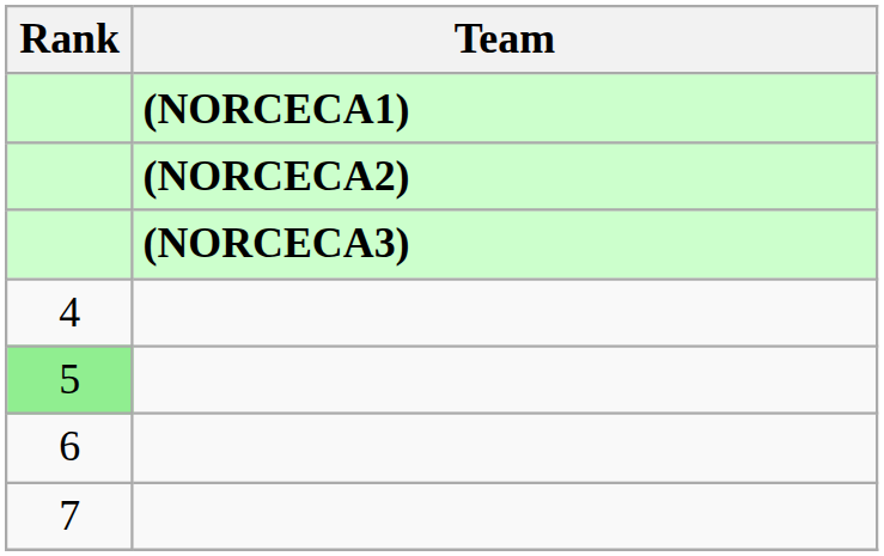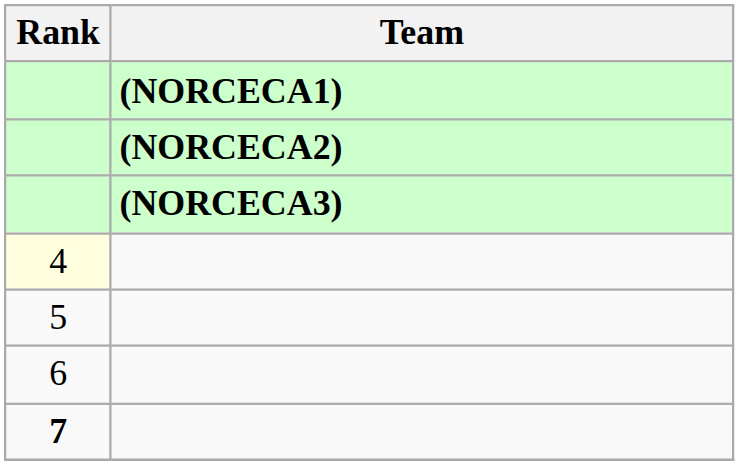 <table class="wikitable" style="text-align:center">
 <tr>
 <th width=40>Rank</th>
 <th width=270>Team</th>
 </tr>
 <tr bgcolor=#ccffcc>
 <td></td>
 <td style="text-align:left"><strong> (NORCECA1)</strong></td>
 </tr>
 <tr bgcolor=#ccffcc>
 <td></td>
 <td style="text-align:left"><strong>  (NORCECA2)</strong></td>
 </tr>
 <tr bgcolor=#ccffcc>
 <td></td>
 <td style="text-align:left"><strong>  (NORCECA3)</strong></td>
 </tr>
 <tr>
-<td>4</td>
+<td style="background: lightyellow;">4</td>
 <td style="text-align:left"></td>
 </tr>
 <tr>
-<td style="background: lightgreen;">5</td>
+<td>5</td>
 <td style="text-align:left"></td>
 </tr>
 <tr>
 <td>6</td>
 <td style="text-align:left"></td>
 </tr>
 <tr>
-<td>7</td>
+<td><strong>7</strong></td>
 <td style="text-align:left"></td>
 </tr>
 <tr>
 </tr>
 </table>
